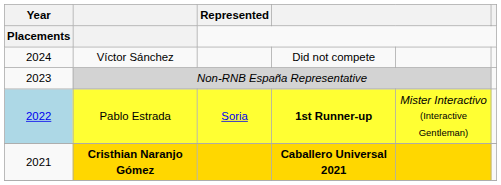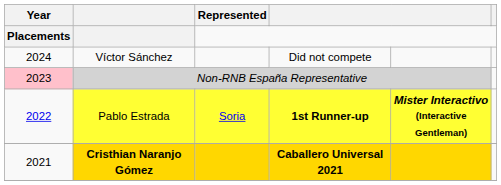 <table class="wikitable" style="text-align:center; line-height:20px; font-size:90%; width:100%;">
 <tr>
 <th rowspan="2">Year</th>
 <th rowspan="2"></th>
 <th rowspan="2">Represented</th>
 <th colspan="2"></th>
 <th rowspan="2"></th>
 </tr>
 <tr>
 </tr>
 <tr>
 <th>Placements</th>
 <th></th>
 </tr>
 <tr>
 <td>2024</td>
 <td>Víctor Sánchez</td>
 <td></td>
 <td>Did not compete</td>
 <td></td>
 <td></td>
 </tr>
 <tr>
-<td>2023</td>
+<td style="background: pink;">2023</td>
 <td colspan="4" style="background-color:#D3D3D3;"><em>Non-RNB España Representative</em></td>
 <td></td>
 </tr>
 <tr>
-<td style="background: lightblue;"><a href='#'>2022</a></td>
+<td><a href='#'>2022</a></td>
 <td style="background-color:#FFFF33;">Pablo Estrada</td>
 <td style="background-color:#FFFF33;"> <a href='#'>Soria</a></td>
 <td style="background-color:#FFFF33;"><strong>1st Runner-up</strong></td>
-<td style="background-color:#FFFF33;"><em>Mister Interactivo</em><br><small>(Interactive Gentleman)</small></td>
+<td style="background-color:#FFFF33;"><strong><em>Mister Interactivo</em><br><small>(Interactive Gentleman)</small></strong></td>
 <td></td>
 </tr>
 <tr>
 </tr>
 <tr>
 <td>2021</td>
 <td style="background-color:gold;"><strong>Cristhian Naranjo Gómez</strong></td>
 <td style="background-color:gold;"><strong></strong></td>
 <td style="background-color:gold;"><strong>Caballero Universal 2021</strong></td>
 <td style="background-color:gold;"></td>
 <td></td>
 </tr>
 <tr>
 </tr>
 </table>
